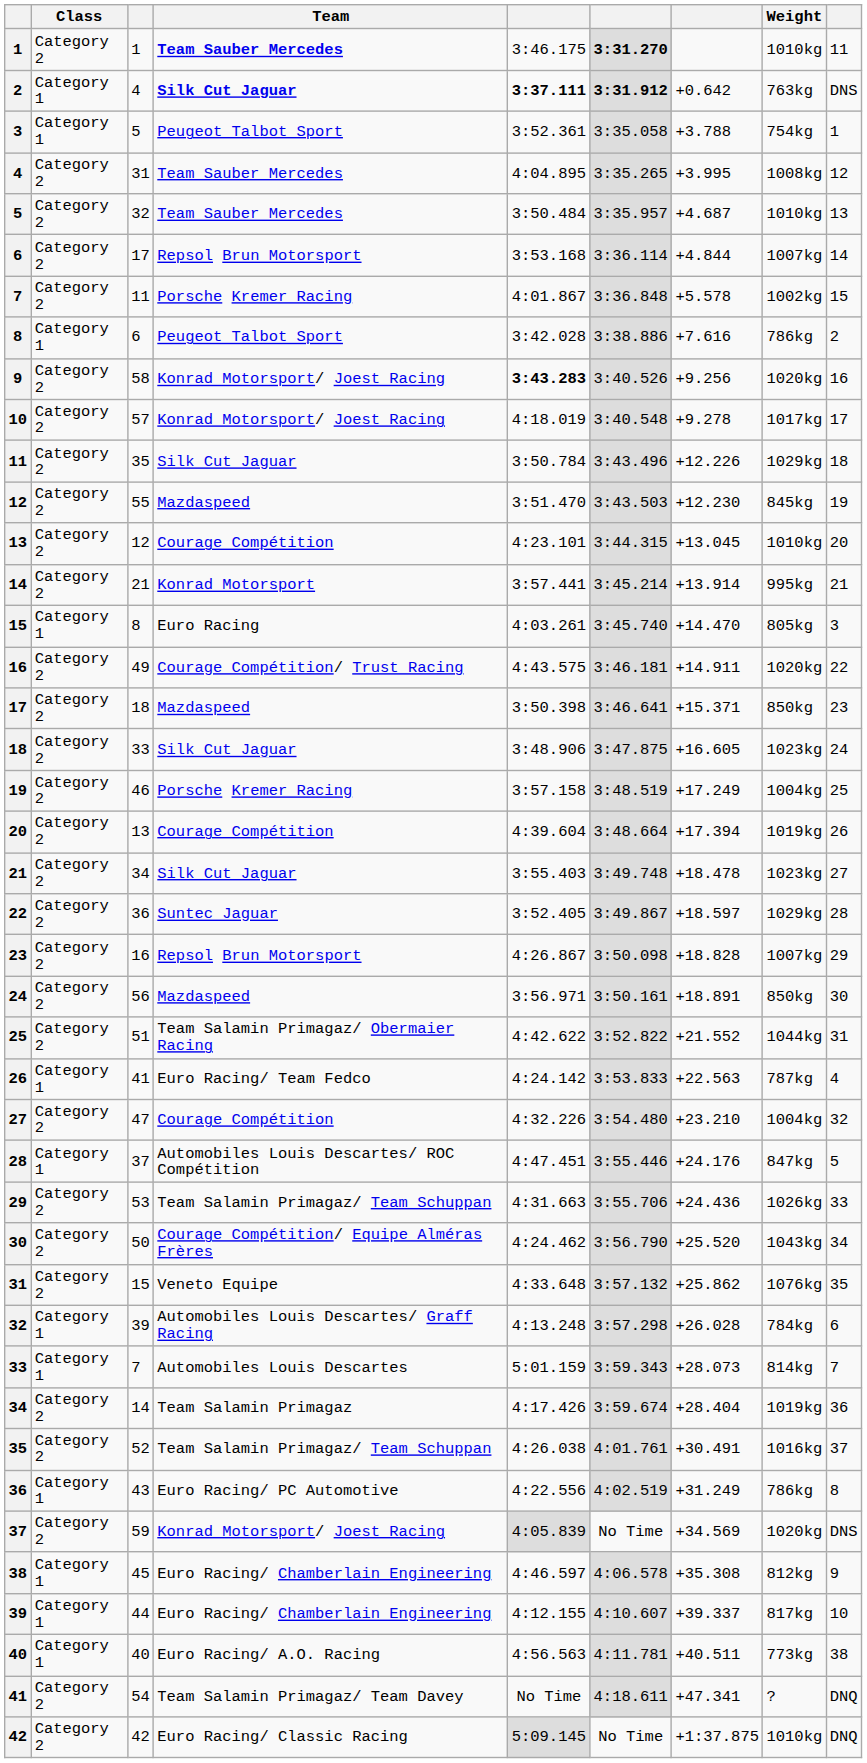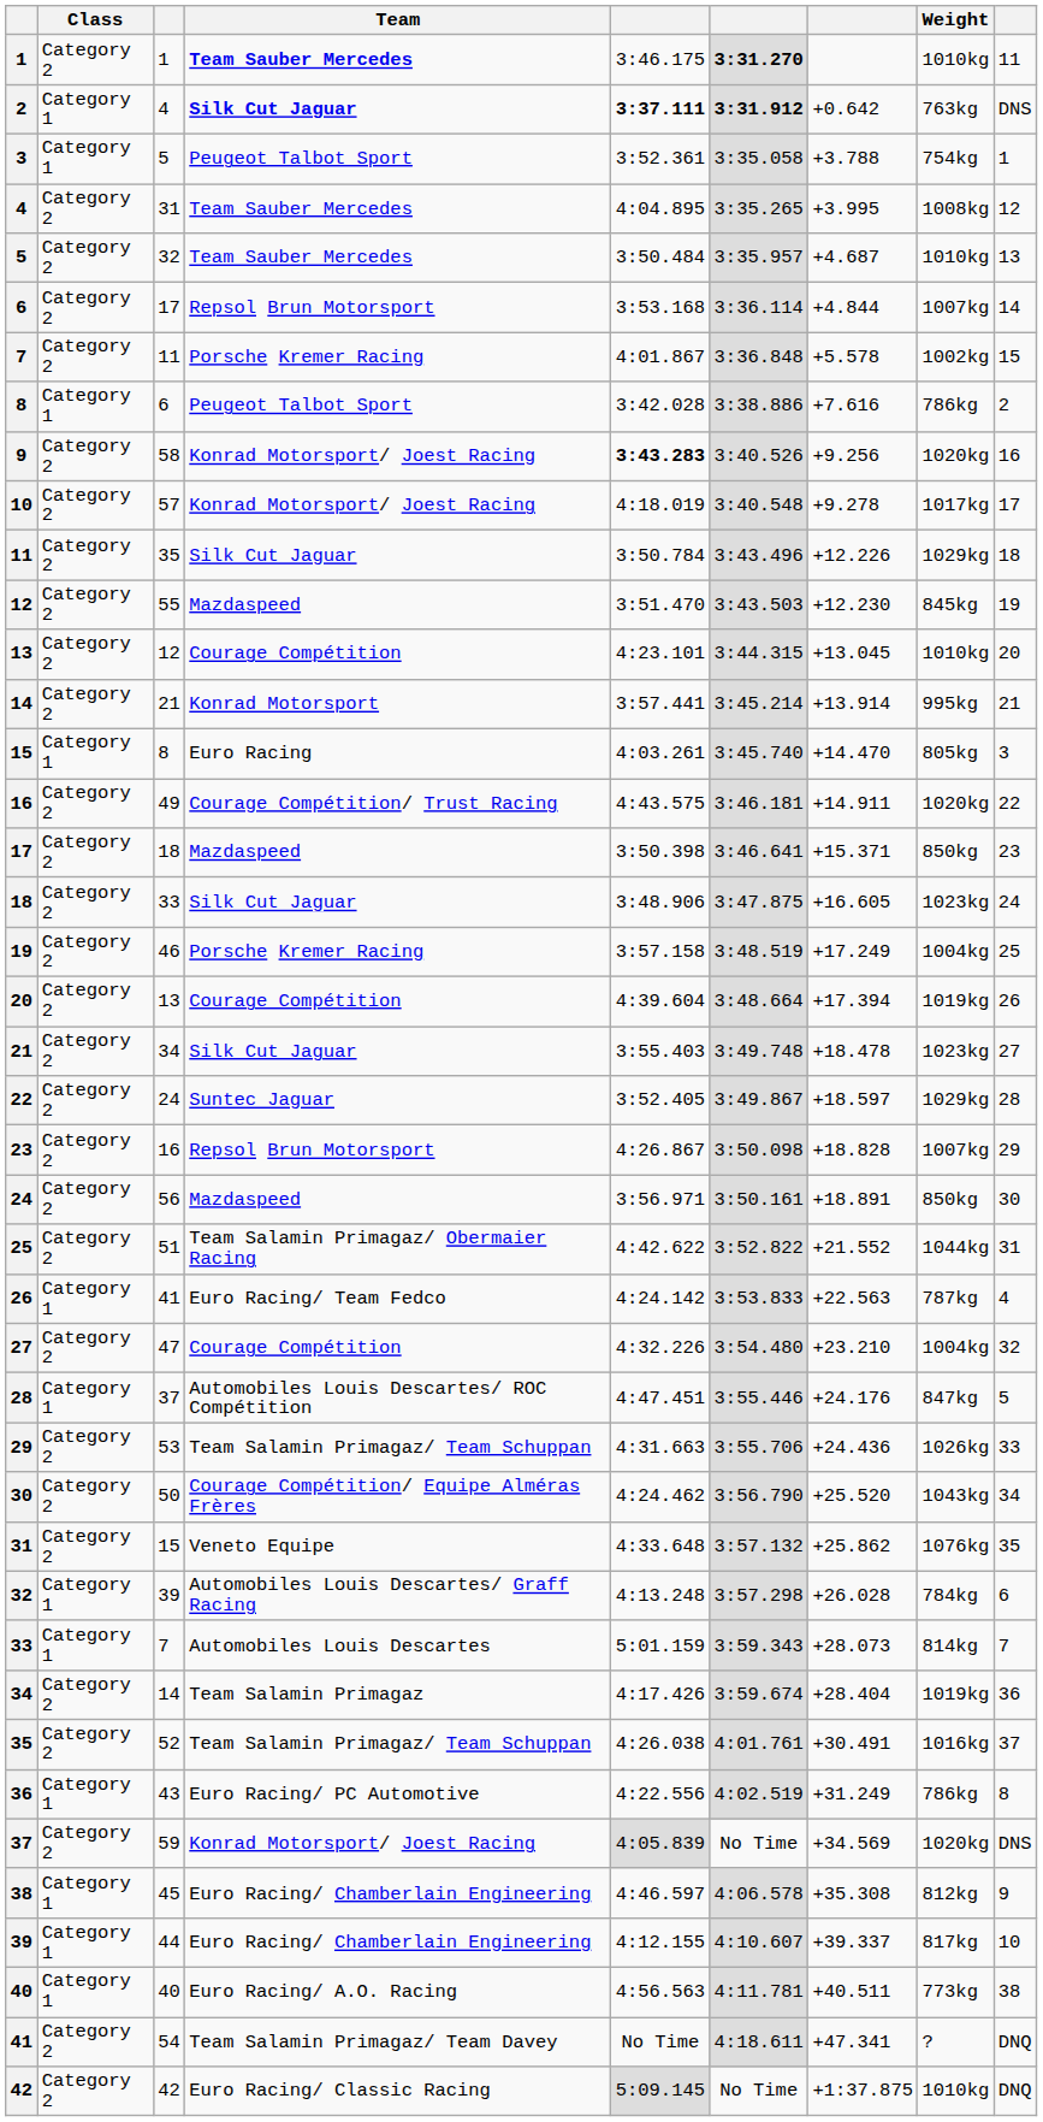 <table class="wikitable sortable" style="font-size: 85%;">
 <tr>
 <th scope=col></th>
 <th scope=col>Class</th>
 <th scope=col></th>
 <th scope=col>Team</th>
 <th scope=col></th>
 <th></th>
 <th scope=col></th>
 <th scope=col>Weight</th>
 <th scope=col></th>
 </tr>
 <tr>
 <th>1</th>
 <td>Category 2</td>
 <td>1</td>
 <td><strong> <a href='#'>Team Sauber Mercedes</a></strong></td>
 <td align="center">3:46.175</td>
 <td align="center" style="background:#ddd;"><strong>3:31.270</strong></td>
 <td></td>
 <td>1010kg</td>
 <td>11</td>
 </tr>
 <tr>
 <th>2</th>
 <td>Category 1</td>
 <td>4</td>
 <td><strong> <a href='#'>Silk Cut Jaguar</a></strong></td>
 <td align="center"><strong>3:37.111</strong></td>
 <td align="center" style="background:#ddd;"><strong>3:31.912</strong></td>
 <td>+0.642</td>
 <td>763kg</td>
 <td>DNS</td>
 </tr>
 <tr>
 <th>3</th>
 <td>Category 1</td>
 <td>5</td>
 <td> <a href='#'>Peugeot Talbot Sport</a></td>
 <td align="center">3:52.361</td>
 <td align="center" style="background:#ddd;">3:35.058</td>
 <td>+3.788</td>
 <td>754kg</td>
 <td>1</td>
 </tr>
 <tr>
 <th>4</th>
 <td>Category 2</td>
 <td>31</td>
 <td> <a href='#'>Team Sauber Mercedes</a></td>
 <td align="center">4:04.895</td>
 <td align="center" style="background:#ddd;">3:35.265</td>
 <td>+3.995</td>
 <td>1008kg</td>
 <td>12</td>
 </tr>
 <tr>
 <th>5</th>
 <td>Category 2</td>
 <td>32</td>
 <td> <a href='#'>Team Sauber Mercedes</a></td>
 <td align="center">3:50.484</td>
 <td align="center" style="background:#ddd;">3:35.957</td>
 <td>+4.687</td>
 <td>1010kg</td>
 <td>13</td>
 </tr>
 <tr>
 <th>6</th>
 <td>Category 2</td>
 <td>17</td>
 <td> <a href='#'>Repsol</a> <a href='#'>Brun Motorsport</a></td>
 <td align="center">3:53.168</td>
 <td align="center" style="background:#ddd;">3:36.114</td>
 <td>+4.844</td>
 <td>1007kg</td>
 <td>14</td>
 </tr>
 <tr>
 <th>7</th>
 <td>Category 2</td>
 <td>11</td>
 <td> <a href='#'>Porsche</a> <a href='#'>Kremer Racing</a></td>
 <td align="center">4:01.867</td>
 <td align="center" style="background:#ddd;">3:36.848</td>
 <td>+5.578</td>
 <td>1002kg</td>
 <td>15</td>
 </tr>
 <tr>
 <th>8</th>
 <td>Category 1</td>
 <td>6</td>
 <td> <a href='#'>Peugeot Talbot Sport</a></td>
 <td align="center">3:42.028</td>
 <td align="center" style="background:#ddd;">3:38.886</td>
 <td>+7.616</td>
 <td>786kg</td>
 <td>2</td>
 </tr>
 <tr>
 <th>9</th>
 <td>Category 2</td>
 <td>58</td>
 <td> <a href='#'>Konrad Motorsport</a>/ <a href='#'>Joest Racing</a></td>
 <td align="center"><strong>3:43.283</strong></td>
 <td align="center" style="background:#ddd;">3:40.526</td>
 <td>+9.256</td>
 <td>1020kg</td>
 <td>16</td>
 </tr>
 <tr>
 <th>10</th>
 <td>Category 2</td>
 <td>57</td>
 <td> <a href='#'>Konrad Motorsport</a>/ <a href='#'>Joest Racing</a></td>
 <td align="center">4:18.019</td>
 <td align="center" style="background:#ddd;">3:40.548</td>
 <td>+9.278</td>
 <td>1017kg</td>
 <td>17</td>
 </tr>
 <tr>
 <th>11</th>
 <td>Category 2</td>
 <td>35</td>
 <td> <a href='#'>Silk Cut Jaguar</a></td>
 <td align="center">3:50.784</td>
 <td align="center" style="background:#ddd;">3:43.496</td>
 <td>+12.226</td>
 <td>1029kg</td>
 <td>18</td>
 </tr>
 <tr>
 <th>12</th>
 <td>Category 2</td>
 <td>55</td>
 <td> <a href='#'>Mazdaspeed</a></td>
 <td align="center">3:51.470</td>
 <td align="center" style="background:#ddd;">3:43.503</td>
 <td>+12.230</td>
 <td>845kg</td>
 <td>19</td>
 </tr>
 <tr>
 <th>13</th>
 <td>Category 2</td>
 <td>12</td>
 <td> <a href='#'>Courage Compétition</a></td>
 <td align="center">4:23.101</td>
 <td align="center" style="background:#ddd;">3:44.315</td>
 <td>+13.045</td>
 <td>1010kg</td>
 <td>20</td>
 </tr>
 <tr>
 <th>14</th>
 <td>Category 2</td>
 <td>21</td>
 <td> <a href='#'>Konrad Motorsport</a></td>
 <td align="center">3:57.441</td>
 <td align="center" style="background:#ddd;">3:45.214</td>
 <td>+13.914</td>
 <td>995kg</td>
 <td>21</td>
 </tr>
 <tr>
 <th>15</th>
 <td>Category 1</td>
 <td>8</td>
 <td> Euro Racing</td>
 <td align="center">4:03.261</td>
 <td align="center" style="background:#ddd;">3:45.740</td>
 <td>+14.470</td>
 <td>805kg</td>
 <td>3</td>
 </tr>
 <tr>
 <th>16</th>
 <td>Category 2</td>
 <td>49</td>
 <td> <a href='#'>Courage Compétition</a>/ <a href='#'>Trust Racing</a></td>
 <td align="center">4:43.575</td>
 <td align="center" style="background:#ddd;">3:46.181</td>
 <td>+14.911</td>
 <td>1020kg</td>
 <td>22</td>
 </tr>
 <tr>
 <th>17</th>
 <td>Category 2</td>
 <td>18</td>
 <td> <a href='#'>Mazdaspeed</a></td>
 <td align="center">3:50.398</td>
 <td align="center" style="background:#ddd;">3:46.641</td>
 <td>+15.371</td>
 <td>850kg</td>
 <td>23</td>
 </tr>
 <tr>
 <th>18</th>
 <td>Category 2</td>
 <td>33</td>
 <td> <a href='#'>Silk Cut Jaguar</a></td>
 <td align="center">3:48.906</td>
 <td align="center" style="background:#ddd;">3:47.875</td>
 <td>+16.605</td>
 <td>1023kg</td>
 <td>24</td>
 </tr>
 <tr>
 <th>19</th>
 <td>Category 2</td>
 <td>46</td>
 <td> <a href='#'>Porsche</a> <a href='#'>Kremer Racing</a></td>
 <td align="center">3:57.158</td>
 <td align="center" style="background:#ddd;">3:48.519</td>
 <td>+17.249</td>
 <td>1004kg</td>
 <td>25</td>
 </tr>
 <tr>
 <th>20</th>
 <td>Category 2</td>
 <td>13</td>
 <td> <a href='#'>Courage Compétition</a></td>
 <td align="center">4:39.604</td>
 <td align="center" style="background:#ddd;">3:48.664</td>
 <td>+17.394</td>
 <td>1019kg</td>
 <td>26</td>
 </tr>
 <tr>
 <th>21</th>
 <td>Category 2</td>
 <td>34</td>
 <td> <a href='#'>Silk Cut Jaguar</a></td>
 <td align="center">3:55.403</td>
 <td align="center" style="background:#ddd;">3:49.748</td>
 <td>+18.478</td>
 <td>1023kg</td>
 <td>27</td>
 </tr>
 <tr>
 <th>22</th>
 <td>Category 2</td>
-<td>36</td>
+<td>24</td>
 <td> <a href='#'>Suntec Jaguar</a></td>
 <td align="center">3:52.405</td>
 <td align="center" style="background:#ddd;">3:49.867</td>
 <td>+18.597</td>
 <td>1029kg</td>
 <td>28</td>
 </tr>
 <tr>
 <th>23</th>
 <td>Category 2</td>
 <td>16</td>
 <td> <a href='#'>Repsol</a> <a href='#'>Brun Motorsport</a></td>
 <td align="center">4:26.867</td>
 <td align="center" style="background:#ddd;">3:50.098</td>
 <td>+18.828</td>
 <td>1007kg</td>
 <td>29</td>
 </tr>
 <tr>
 <th>24</th>
 <td>Category 2</td>
 <td>56</td>
 <td> <a href='#'>Mazdaspeed</a></td>
 <td align="center">3:56.971</td>
 <td align="center" style="background:#ddd;">3:50.161</td>
 <td>+18.891</td>
 <td>850kg</td>
 <td>30</td>
 </tr>
 <tr>
 <th>25</th>
 <td>Category 2</td>
 <td>51</td>
 <td> Team Salamin Primagaz/ <a href='#'>Obermaier Racing</a></td>
 <td align="center">4:42.622</td>
 <td align="center" style="background:#ddd;">3:52.822</td>
 <td>+21.552</td>
 <td>1044kg</td>
 <td>31</td>
 </tr>
 <tr>
 <th>26</th>
 <td>Category 1</td>
 <td>41</td>
 <td> Euro Racing/ Team Fedco</td>
 <td align="center">4:24.142</td>
 <td align="center" style="background:#ddd;">3:53.833</td>
 <td>+22.563</td>
 <td>787kg</td>
 <td>4</td>
 </tr>
 <tr>
 <th>27</th>
 <td>Category 2</td>
 <td>47</td>
 <td> <a href='#'>Courage Compétition</a></td>
 <td align="center">4:32.226</td>
 <td align="center" style="background:#ddd;">3:54.480</td>
 <td>+23.210</td>
 <td>1004kg</td>
 <td>32</td>
 </tr>
 <tr>
 <th>28</th>
 <td>Category 1</td>
 <td>37</td>
 <td> Automobiles Louis Descartes/ ROC Compétition</td>
 <td align="center">4:47.451</td>
 <td align="center" style="background:#ddd;">3:55.446</td>
 <td>+24.176</td>
 <td>847kg</td>
 <td>5</td>
 </tr>
 <tr>
 <th>29</th>
 <td>Category 2</td>
 <td>53</td>
 <td> Team Salamin Primagaz/ <a href='#'>Team Schuppan</a></td>
 <td align="center">4:31.663</td>
 <td align="center" style="background:#ddd;">3:55.706</td>
 <td>+24.436</td>
 <td>1026kg</td>
 <td>33</td>
 </tr>
 <tr>
 <th>30</th>
 <td>Category 2</td>
 <td>50</td>
 <td> <a href='#'>Courage Compétition</a>/ <a href='#'>Equipe Alméras Frères</a></td>
 <td align="center">4:24.462</td>
 <td align="center" style="background:#ddd;">3:56.790</td>
 <td>+25.520</td>
 <td>1043kg</td>
 <td>34</td>
 </tr>
 <tr>
 <th>31</th>
 <td>Category 2</td>
 <td>15</td>
 <td> Veneto Equipe</td>
 <td align="center">4:33.648</td>
 <td align="center" style="background:#ddd;">3:57.132</td>
 <td>+25.862</td>
 <td>1076kg</td>
 <td>35</td>
 </tr>
 <tr>
 <th>32</th>
 <td>Category 1</td>
 <td>39</td>
 <td> Automobiles Louis Descartes/ <a href='#'>Graff Racing</a></td>
 <td align="center">4:13.248</td>
 <td align="center" style="background:#ddd;">3:57.298</td>
 <td>+26.028</td>
 <td>784kg</td>
 <td>6</td>
 </tr>
 <tr>
 <th>33</th>
 <td>Category 1</td>
 <td>7</td>
 <td> Automobiles Louis Descartes</td>
 <td align="center">5:01.159</td>
 <td align="center" style="background:#ddd;">3:59.343</td>
 <td>+28.073</td>
 <td>814kg</td>
 <td>7</td>
 </tr>
 <tr>
 <th>34</th>
 <td>Category 2</td>
 <td>14</td>
 <td> Team Salamin Primagaz</td>
 <td align="center">4:17.426</td>
 <td align="center" style="background:#ddd;">3:59.674</td>
 <td>+28.404</td>
 <td>1019kg</td>
 <td>36</td>
 </tr>
 <tr>
 <th>35</th>
 <td>Category 2</td>
 <td>52</td>
 <td> Team Salamin Primagaz/ <a href='#'>Team Schuppan</a></td>
 <td align="center">4:26.038</td>
 <td align="center" style="background:#ddd;">4:01.761</td>
 <td>+30.491</td>
 <td>1016kg</td>
 <td>37</td>
 </tr>
 <tr>
 <th>36</th>
 <td>Category 1</td>
 <td>43</td>
 <td> Euro Racing/ PC Automotive</td>
 <td align="center">4:22.556</td>
 <td align="center" style="background:#ddd;">4:02.519</td>
 <td>+31.249</td>
 <td>786kg</td>
 <td>8</td>
 </tr>
 <tr>
 <th>37</th>
 <td>Category 2</td>
 <td>59</td>
 <td> <a href='#'>Konrad Motorsport</a>/ <a href='#'>Joest Racing</a></td>
 <td align="center" style="background:#ddd;">4:05.839</td>
 <td align="center">No Time</td>
 <td>+34.569</td>
 <td>1020kg</td>
 <td>DNS</td>
 </tr>
 <tr>
 <th>38</th>
 <td>Category 1</td>
 <td>45</td>
 <td> Euro Racing/ <a href='#'>Chamberlain Engineering</a></td>
 <td align="center">4:46.597</td>
 <td align="center" style="background:#ddd;">4:06.578</td>
 <td>+35.308</td>
 <td>812kg</td>
 <td>9</td>
 </tr>
 <tr>
 <th>39</th>
 <td>Category 1</td>
 <td>44</td>
 <td> Euro Racing/ <a href='#'>Chamberlain Engineering</a></td>
 <td align="center">4:12.155</td>
 <td align="center" style="background:#ddd;">4:10.607</td>
 <td>+39.337</td>
 <td>817kg</td>
 <td>10</td>
 </tr>
 <tr>
 <th>40</th>
 <td>Category 1</td>
 <td>40</td>
 <td> Euro Racing/ A.O. Racing</td>
 <td align="center">4:56.563</td>
 <td align="center" style="background:#ddd;">4:11.781</td>
 <td>+40.511</td>
 <td>773kg</td>
 <td>38</td>
 </tr>
 <tr>
 <th>41</th>
 <td>Category 2</td>
 <td>54</td>
 <td> Team Salamin Primagaz/ Team Davey</td>
 <td align="center">No Time</td>
 <td align="center" style="background:#ddd;">4:18.611</td>
 <td>+47.341</td>
 <td>?</td>
 <td>DNQ</td>
 </tr>
 <tr>
 <th>42</th>
 <td>Category 2</td>
 <td>42</td>
 <td> Euro Racing/ Classic Racing</td>
 <td align="center" style="background:#ddd;">5:09.145</td>
 <td align="center">No Time</td>
 <td>+1:37.875</td>
 <td>1010kg</td>
 <td>DNQ</td>
 </tr>
 </table>
